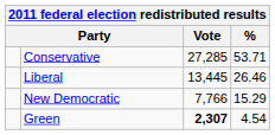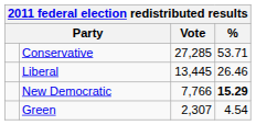 <table class="wikitable">
 <tr>
 <th colspan="4"><a href='#'>2011 federal election</a> redistributed results</th>
 </tr>
 <tr>
 <th bgcolor="#DDDDFF" width="130px" colspan="2">Party</th>
 <th bgcolor="#DDDDFF" width="50px">Vote</th>
 <th bgcolor="#DDDDFF" width="30px">%</th>
 </tr>
 <tr>
 <td> </td>
 <td><a href='#'>Conservative</a></td>
 <td align=right>27,285</td>
 <td align=right>53.71</td>
 </tr>
 <tr>
 <td> </td>
 <td><a href='#'>Liberal</a></td>
 <td align=right>13,445</td>
 <td align=right>26.46</td>
 </tr>
 <tr>
 <td> </td>
 <td><a href='#'>New Democratic</a></td>
 <td align=right>7,766</td>
-<td align=right>15.29</td>
+<td align=right><strong>15.29</strong></td>
 </tr>
 <tr>
 <td> </td>
 <td><a href='#'>Green</a></td>
-<td align=right><strong>2,307</strong></td>
+<td align=right>2,307</td>
 <td align=right>4.54</td>
 </tr>
 </table>
